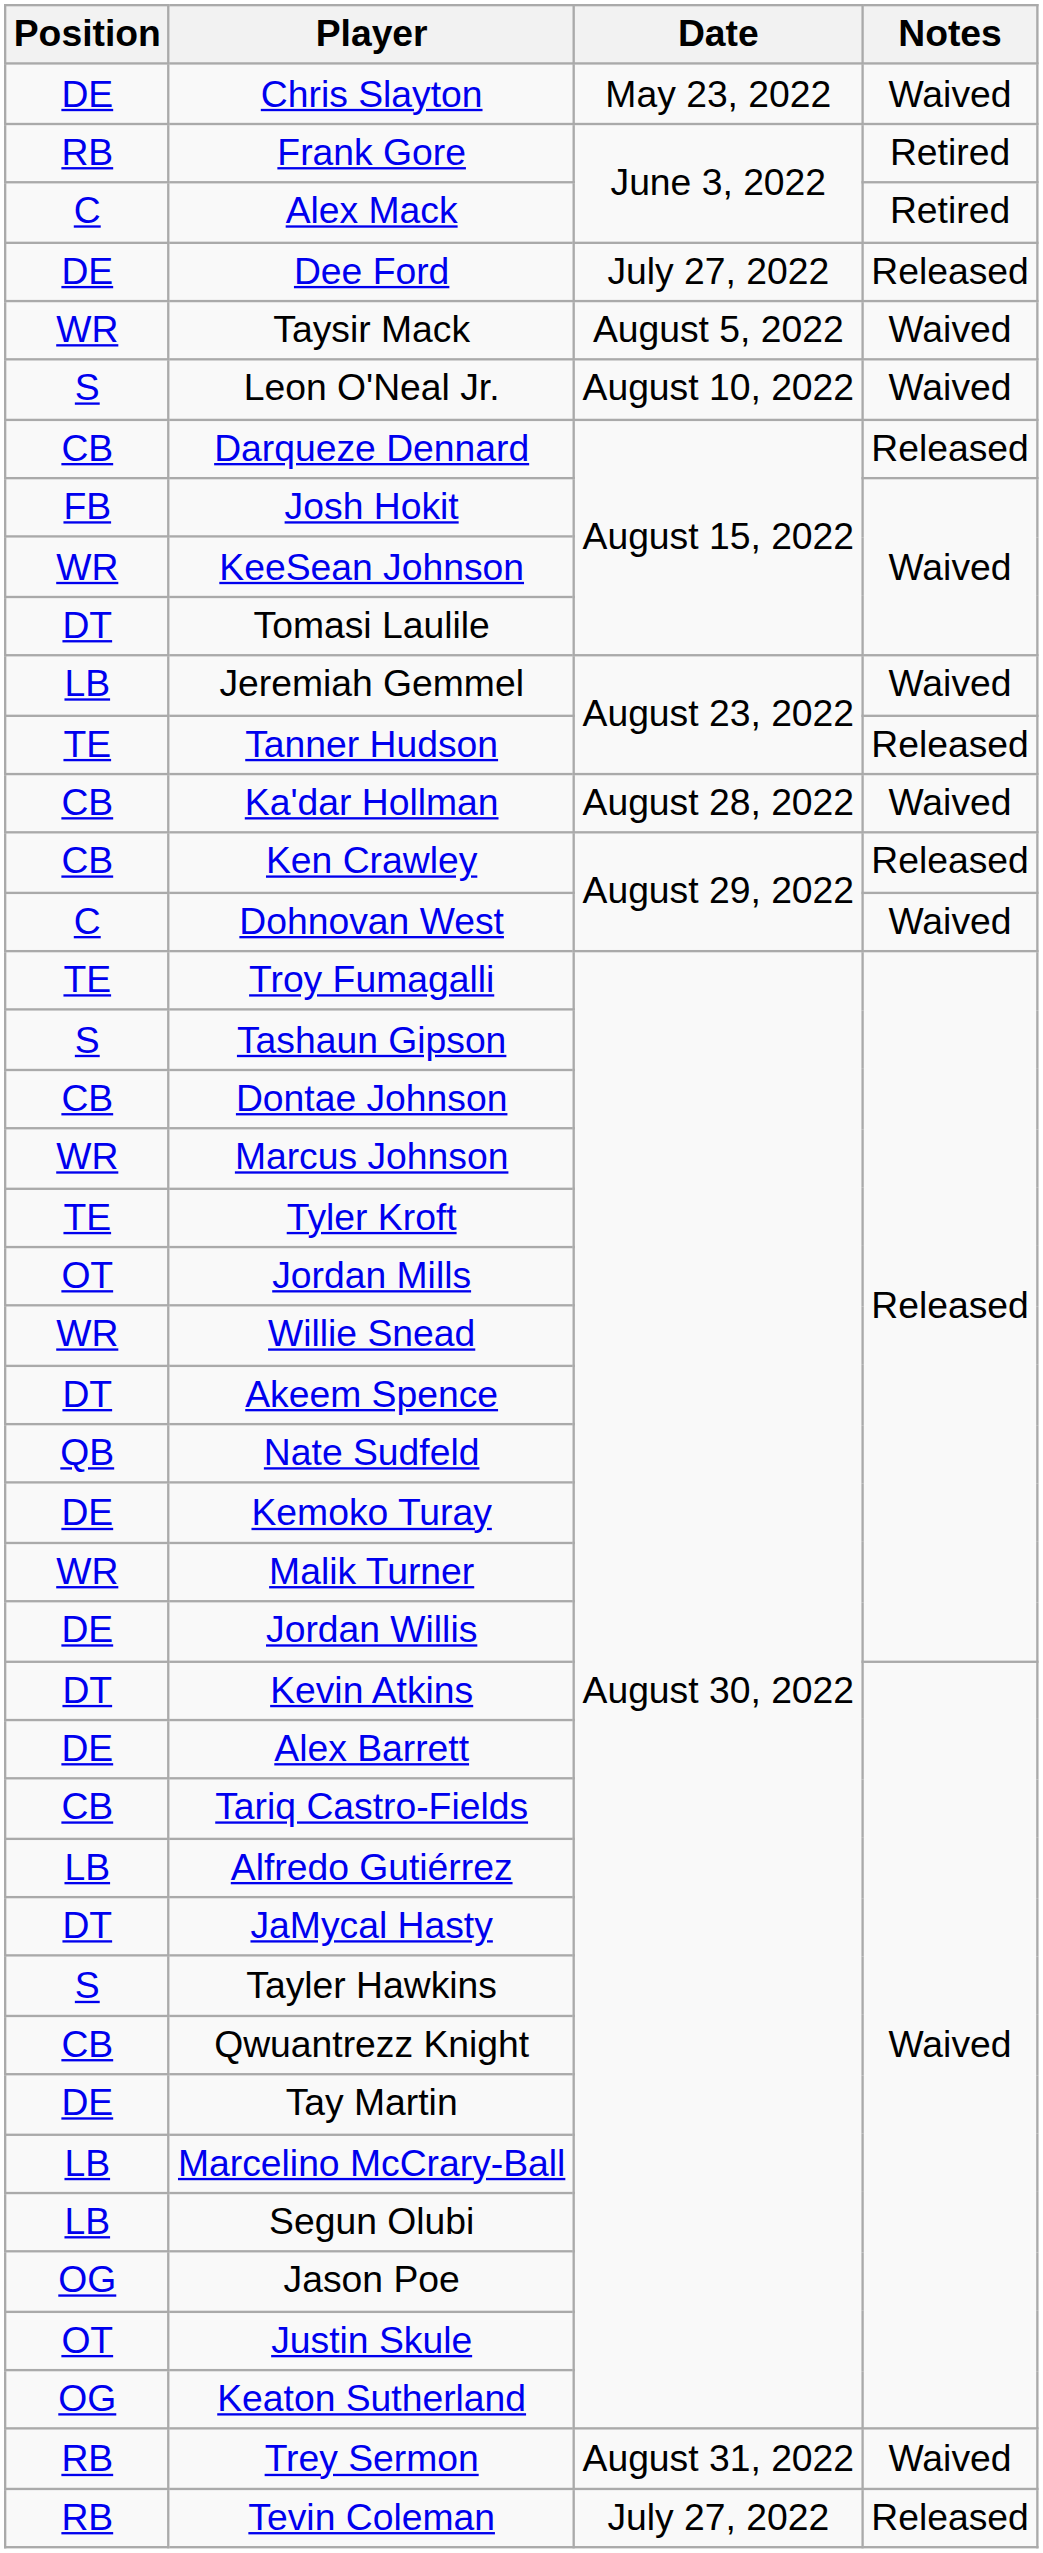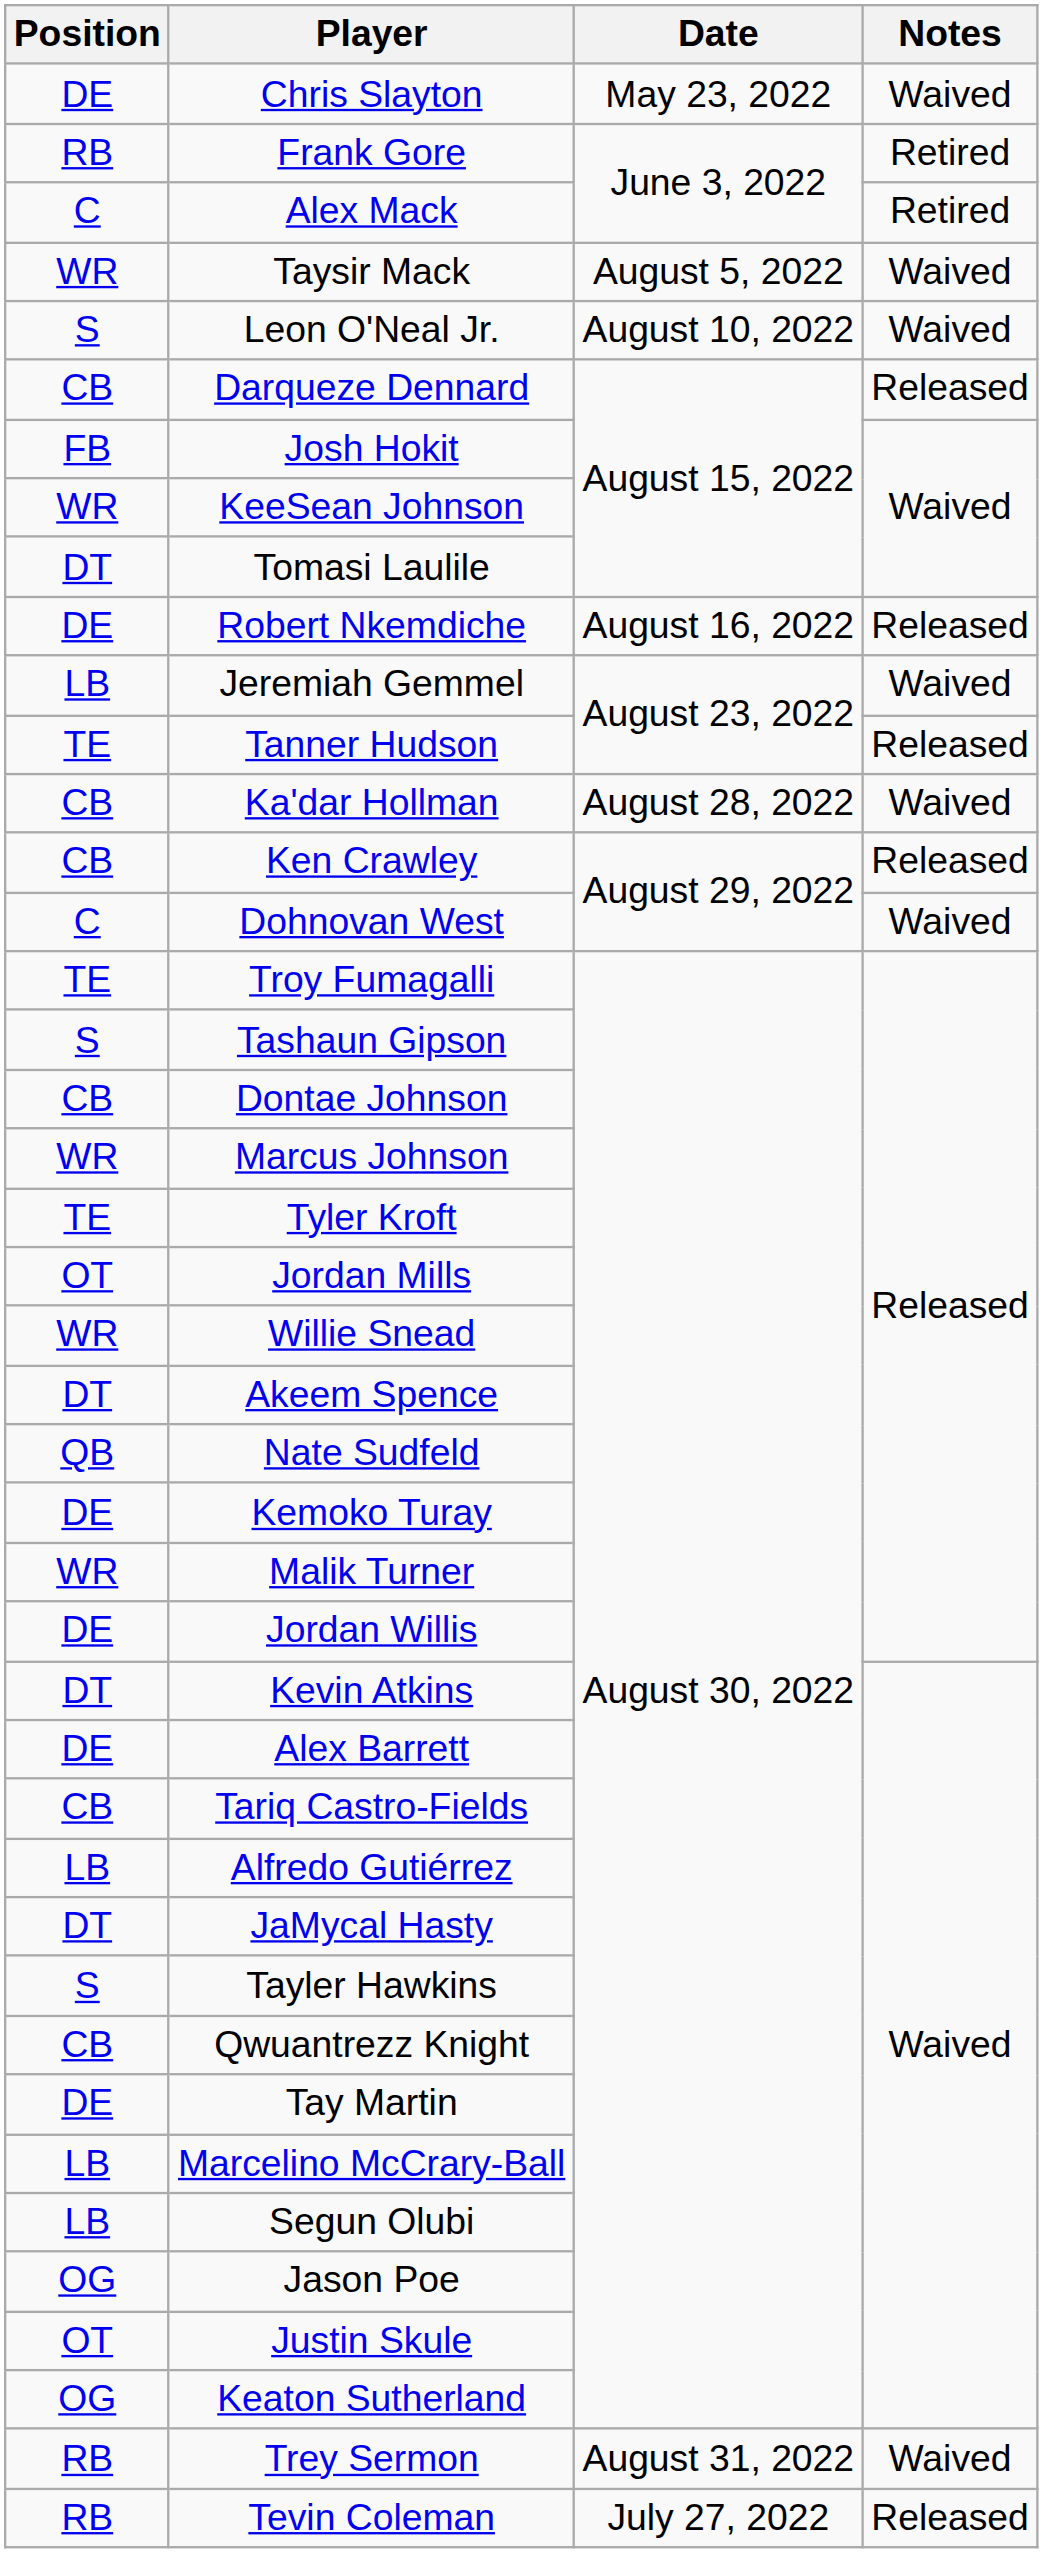 <table class="sortable wikitable" style="text-align:center">
 <tr>
 <th>Position</th>
 <th>Player</th>
 <th>Date</th>
 <th>Notes</th>
 </tr>
 <tr>
 <td><a href='#'>DE</a></td>
 <td><a href='#'>Chris Slayton</a></td>
 <td>May 23, 2022</td>
 <td>Waived</td>
 </tr>
 <tr>
 <td><a href='#'>RB</a></td>
 <td><a href='#'>Frank Gore</a></td>
 <td rowspan="2">June 3, 2022</td>
 <td>Retired</td>
 </tr>
 <tr>
 <td><a href='#'>C</a></td>
 <td><a href='#'>Alex Mack</a></td>
 <td>Retired</td>
-</tr>
-<tr>
-<td><a href='#'>DE</a></td>
-<td><a href='#'>Dee Ford</a></td>
-<td>July 27, 2022</td>
-<td>Released</td>
 </tr>
 <tr>
 <td><a href='#'>WR</a></td>
 <td>Taysir Mack</td>
 <td>August 5, 2022</td>
 <td>Waived</td>
 </tr>
 <tr>
 <td><a href='#'>S</a></td>
 <td>Leon O'Neal Jr.</td>
 <td>August 10, 2022</td>
 <td>Waived</td>
 </tr>
 <tr>
 <td><a href='#'>CB</a></td>
 <td><a href='#'>Darqueze Dennard</a></td>
 <td rowspan=4>August 15, 2022</td>
 <td>Released</td>
 </tr>
 <tr>
 <td><a href='#'>FB</a></td>
 <td><a href='#'>Josh Hokit</a></td>
 <td rowspan=3>Waived</td>
 </tr>
 <tr>
 <td><a href='#'>WR</a></td>
 <td><a href='#'>KeeSean Johnson</a></td>
 </tr>
 <tr>
 <td><a href='#'>DT</a></td>
 <td>Tomasi Laulile</td>
+</tr>
+<tr>
+<td><a href='#'>DE</a></td>
+<td><a href='#'>Robert Nkemdiche</a></td>
+<td>August 16, 2022</td>
+<td>Released</td>
 </tr>
 <tr>
 <td><a href='#'>LB</a></td>
 <td>Jeremiah Gemmel</td>
 <td rowspan=2>August 23, 2022</td>
 <td>Waived</td>
 </tr>
 <tr>
 <td><a href='#'>TE</a></td>
 <td><a href='#'>Tanner Hudson</a></td>
 <td>Released</td>
 </tr>
 <tr>
 <td><a href='#'>CB</a></td>
 <td><a href='#'>Ka'dar Hollman</a></td>
 <td>August 28, 2022</td>
 <td>Waived</td>
 </tr>
 <tr>
 <td><a href='#'>CB</a></td>
 <td><a href='#'>Ken Crawley</a></td>
 <td rowspan=2>August 29, 2022</td>
 <td>Released</td>
 </tr>
 <tr>
 <td><a href='#'>C</a></td>
 <td><a href='#'>Dohnovan West</a></td>
 <td>Waived</td>
 </tr>
 <tr>
 <td><a href='#'>TE</a></td>
 <td><a href='#'>Troy Fumagalli</a></td>
 <td rowspan=25>August 30, 2022</td>
 <td rowspan=12>Released</td>
 </tr>
 <tr>
 <td><a href='#'>S</a></td>
 <td><a href='#'>Tashaun Gipson</a></td>
 </tr>
 <tr>
 <td><a href='#'>CB</a></td>
 <td><a href='#'>Dontae Johnson</a></td>
 </tr>
 <tr>
 <td><a href='#'>WR</a></td>
 <td><a href='#'>Marcus Johnson</a></td>
 </tr>
 <tr>
 <td><a href='#'>TE</a></td>
 <td><a href='#'>Tyler Kroft</a></td>
 </tr>
 <tr>
 <td><a href='#'>OT</a></td>
 <td><a href='#'>Jordan Mills</a></td>
 </tr>
 <tr>
 <td><a href='#'>WR</a></td>
 <td><a href='#'>Willie Snead</a></td>
 </tr>
 <tr>
 <td><a href='#'>DT</a></td>
 <td><a href='#'>Akeem Spence</a></td>
 </tr>
 <tr>
 <td><a href='#'>QB</a></td>
 <td><a href='#'>Nate Sudfeld</a></td>
 </tr>
 <tr>
 <td><a href='#'>DE</a></td>
 <td><a href='#'>Kemoko Turay</a></td>
 </tr>
 <tr>
 <td><a href='#'>WR</a></td>
 <td><a href='#'>Malik Turner</a></td>
 </tr>
 <tr>
 <td><a href='#'>DE</a></td>
 <td><a href='#'>Jordan Willis</a></td>
 </tr>
 <tr>
 <td><a href='#'>DT</a></td>
 <td><a href='#'>Kevin Atkins</a></td>
 <td rowspan="13">Waived</td>
 </tr>
 <tr>
 <td><a href='#'>DE</a></td>
 <td><a href='#'>Alex Barrett</a></td>
 </tr>
 <tr>
 <td><a href='#'>CB</a></td>
 <td><a href='#'>Tariq Castro-Fields</a></td>
 </tr>
 <tr>
 <td><a href='#'>LB</a></td>
 <td><a href='#'>Alfredo Gutiérrez</a></td>
 </tr>
 <tr>
 <td><a href='#'>DT</a></td>
 <td><a href='#'>JaMycal Hasty</a></td>
 </tr>
 <tr>
 <td><a href='#'>S</a></td>
 <td>Tayler Hawkins</td>
 </tr>
 <tr>
 <td><a href='#'>CB</a></td>
 <td>Qwuantrezz Knight</td>
 </tr>
 <tr>
 <td><a href='#'>DE</a></td>
 <td>Tay Martin</td>
 </tr>
 <tr>
 <td><a href='#'>LB</a></td>
 <td><a href='#'>Marcelino McCrary-Ball</a></td>
 </tr>
 <tr>
 <td><a href='#'>LB</a></td>
 <td>Segun Olubi</td>
 </tr>
 <tr>
 <td><a href='#'>OG</a></td>
 <td>Jason Poe</td>
 </tr>
 <tr>
 <td><a href='#'>OT</a></td>
 <td><a href='#'>Justin Skule</a></td>
 </tr>
 <tr>
 <td><a href='#'>OG</a></td>
 <td><a href='#'>Keaton Sutherland</a></td>
 </tr>
 <tr>
 <td><a href='#'>RB</a></td>
 <td><a href='#'>Trey Sermon</a></td>
 <td>August 31, 2022</td>
 <td>Waived</td>
 </tr>
 <tr>
 <td><a href='#'>RB</a></td>
 <td><a href='#'>Tevin Coleman</a></td>
 <td>July 27, 2022</td>
 <td>Released</td>
 </tr>
 </table>
